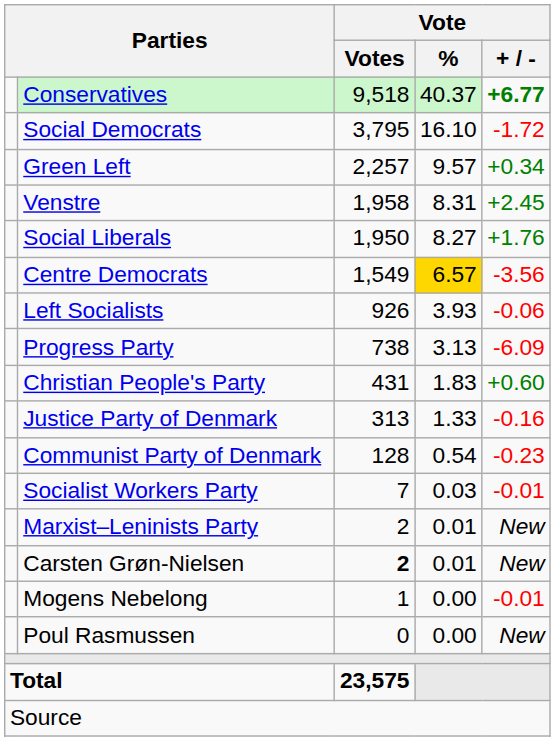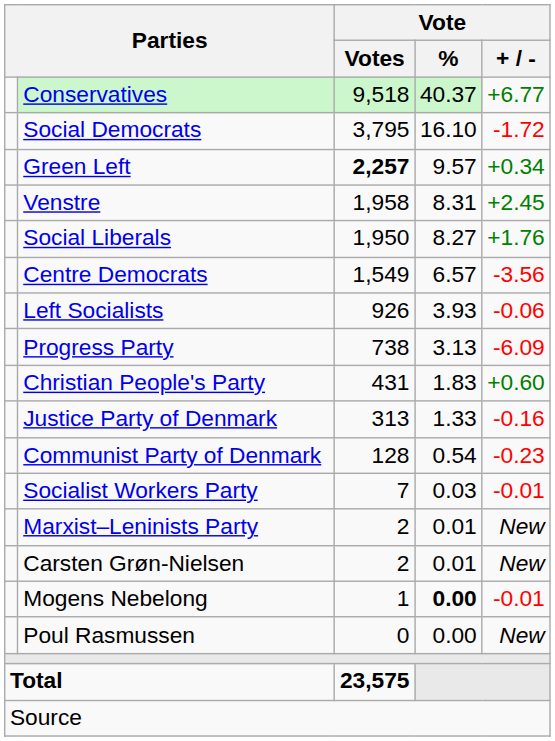 <table class="wikitable" style="text-align:right;">
 <tr>
 <th style="text-align:centre;" rowspan="2" colspan="2" width="225">Parties</th>
 <th colspan="3">Vote</th>
 </tr>
 <tr>
 <th width="15">Votes</th>
 <th width="15">%</th>
 <th width="15">+ / -</th>
 </tr>
 <tr>
 <td width="2" style="color:inherit;background:"></td>
 <td bgcolor=#ccf7cc  align="left"><a href='#'>Conservatives</a></td>
 <td bgcolor=#ccf7cc>9,518</td>
 <td bgcolor=#ccf7cc>40.37</td>
-<td style=color:green;><strong>+6.77</strong></td>
+<td style=color:green;>+6.77</td>
 </tr>
 <tr>
 <td width="2" style="color:inherit;background:"></td>
 <td align="left"><a href='#'>Social Democrats</a></td>
 <td>3,795</td>
 <td>16.10</td>
 <td style=color:red;>-1.72</td>
 </tr>
 <tr>
 <td width="2" style="color:inherit;background:"></td>
 <td align="left"><a href='#'>Green Left</a></td>
-<td>2,257</td>
+<td><strong>2,257</strong></td>
 <td>9.57</td>
 <td style=color:green;>+0.34</td>
 </tr>
 <tr>
 <td width="2" style="color:inherit;background:"></td>
 <td align="left"><a href='#'>Venstre</a></td>
 <td>1,958</td>
 <td>8.31</td>
 <td style=color:green;>+2.45</td>
 </tr>
 <tr>
 <td width="2" style="color:inherit;background:"></td>
 <td align="left"><a href='#'>Social Liberals</a></td>
 <td>1,950</td>
 <td>8.27</td>
 <td style=color:green;>+1.76</td>
 </tr>
 <tr>
 <td width="2" style="color:inherit;background:"></td>
 <td align="left"><a href='#'>Centre Democrats</a></td>
 <td>1,549</td>
-<td style="background: gold;">6.57</td>
+<td>6.57</td>
 <td style=color:red;>-3.56</td>
 </tr>
 <tr>
 <td width="2" style="color:inherit;background:"></td>
 <td align="left"><a href='#'>Left Socialists</a></td>
 <td>926</td>
 <td>3.93</td>
 <td style=color:red;>-0.06</td>
 </tr>
 <tr>
 <td width="2" style="color:inherit;background:"></td>
 <td align="left"><a href='#'>Progress Party</a></td>
 <td>738</td>
 <td>3.13</td>
 <td style=color:red;>-6.09</td>
 </tr>
 <tr>
 <td width="2" style="color:inherit;background:"></td>
 <td align="left"><a href='#'>Christian People's Party</a></td>
 <td>431</td>
 <td>1.83</td>
 <td style=color:green;>+0.60</td>
 </tr>
 <tr>
 <td width="2" style="color:inherit;background:"></td>
 <td align="left"><a href='#'>Justice Party of Denmark</a></td>
 <td>313</td>
 <td>1.33</td>
 <td style=color:red;>-0.16</td>
 </tr>
 <tr>
 <td width="2" style="color:inherit;background:"></td>
 <td align="left"><a href='#'>Communist Party of Denmark</a></td>
 <td>128</td>
 <td>0.54</td>
 <td style=color:red;>-0.23</td>
 </tr>
 <tr>
 <td width="2" style="color:inherit;background:"></td>
 <td align="left"><a href='#'>Socialist Workers Party</a></td>
 <td>7</td>
 <td>0.03</td>
 <td style=color:red;>-0.01</td>
 </tr>
 <tr>
 <td width="2" style="color:inherit;background:"></td>
 <td align="left"><a href='#'>Marxist–Leninists Party</a></td>
 <td>2</td>
 <td>0.01</td>
 <td><em>New</em></td>
 </tr>
 <tr>
 <td width="2" style="color:inherit;background:"></td>
 <td align="left">Carsten Grøn-Nielsen</td>
-<td><strong>2</strong></td>
+<td>2</td>
 <td>0.01</td>
 <td><em>New</em></td>
 </tr>
 <tr>
 <td width="2" style="color:inherit;background:"></td>
 <td align="left">Mogens Nebelong</td>
 <td>1</td>
-<td>0.00</td>
+<td><strong>0.00</strong></td>
 <td style=color:red;>-0.01</td>
 </tr>
 <tr>
 <td width="2" style="color:inherit;background:"></td>
 <td align="left">Poul Rasmussen</td>
 <td>0</td>
 <td>0.00</td>
 <td><em>New</em></td>
 </tr>
 <tr>
 <td colspan="7" bgcolor="#E9E9E9"></td>
 </tr>
 <tr>
 <td align="left" colspan="2"><strong>Total</strong></td>
 <td><strong>23,575</strong></td>
 <td bgcolor="#E9E9E9" colspan="2"></td>
 </tr>
 <tr>
 <td align="left" colspan="6">Source</td>
 </tr>
 </table>
